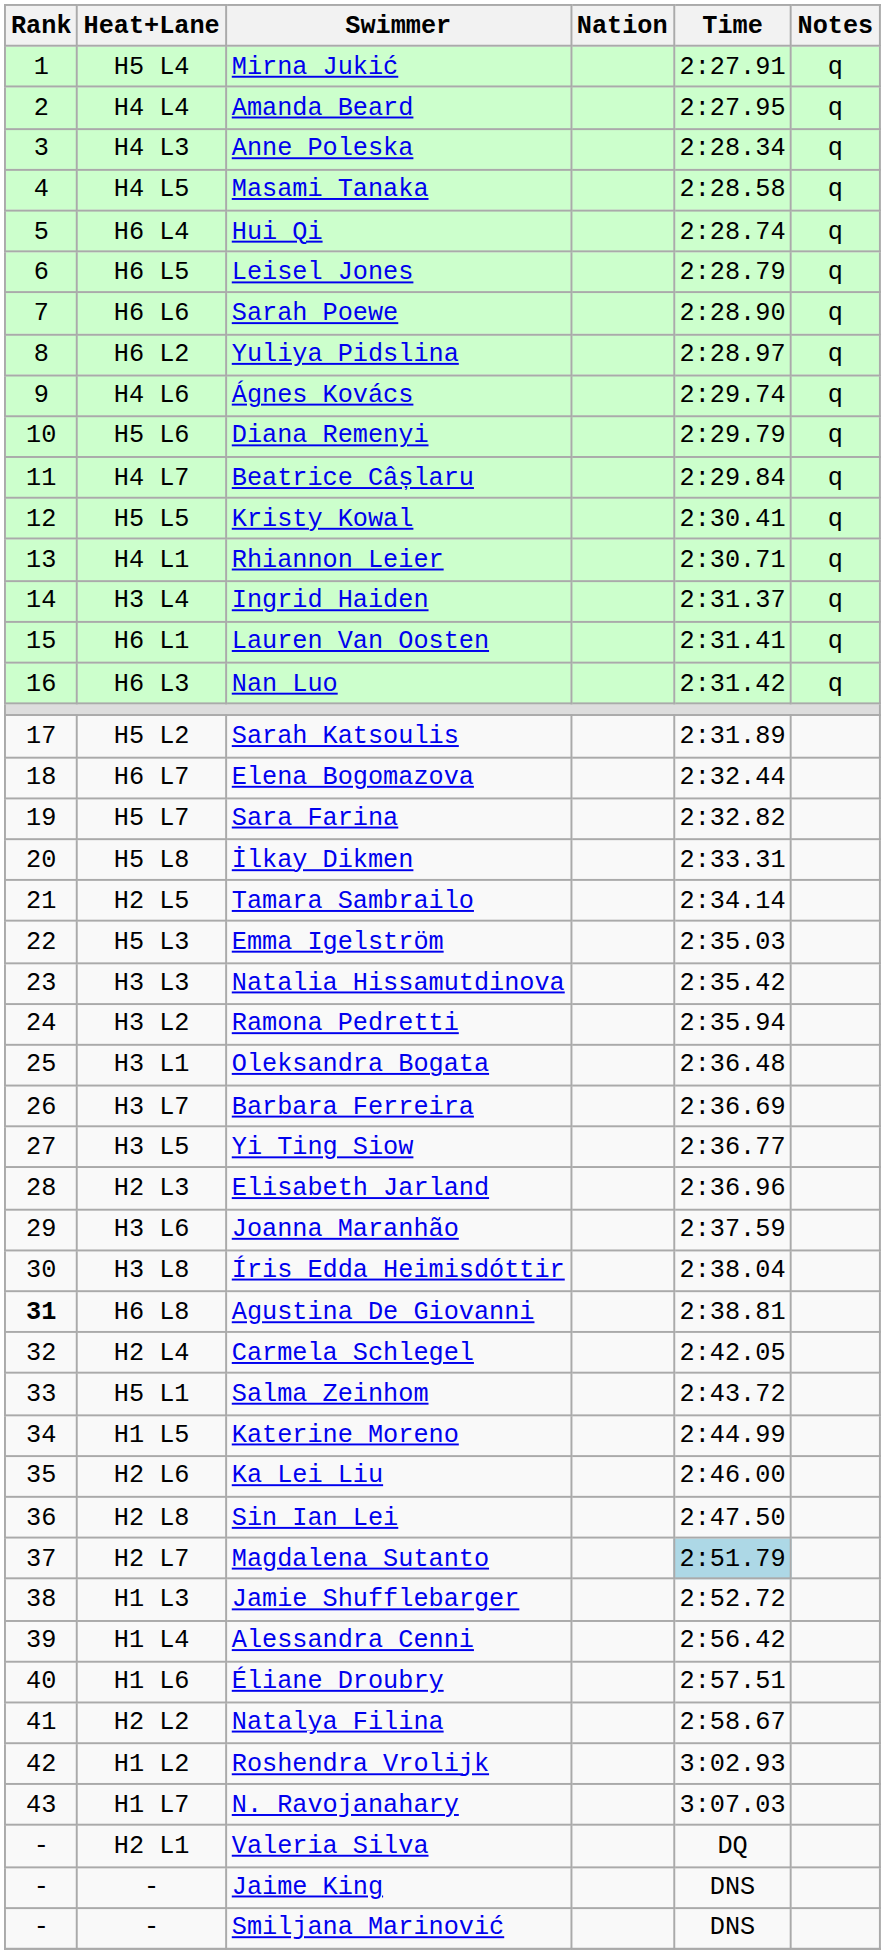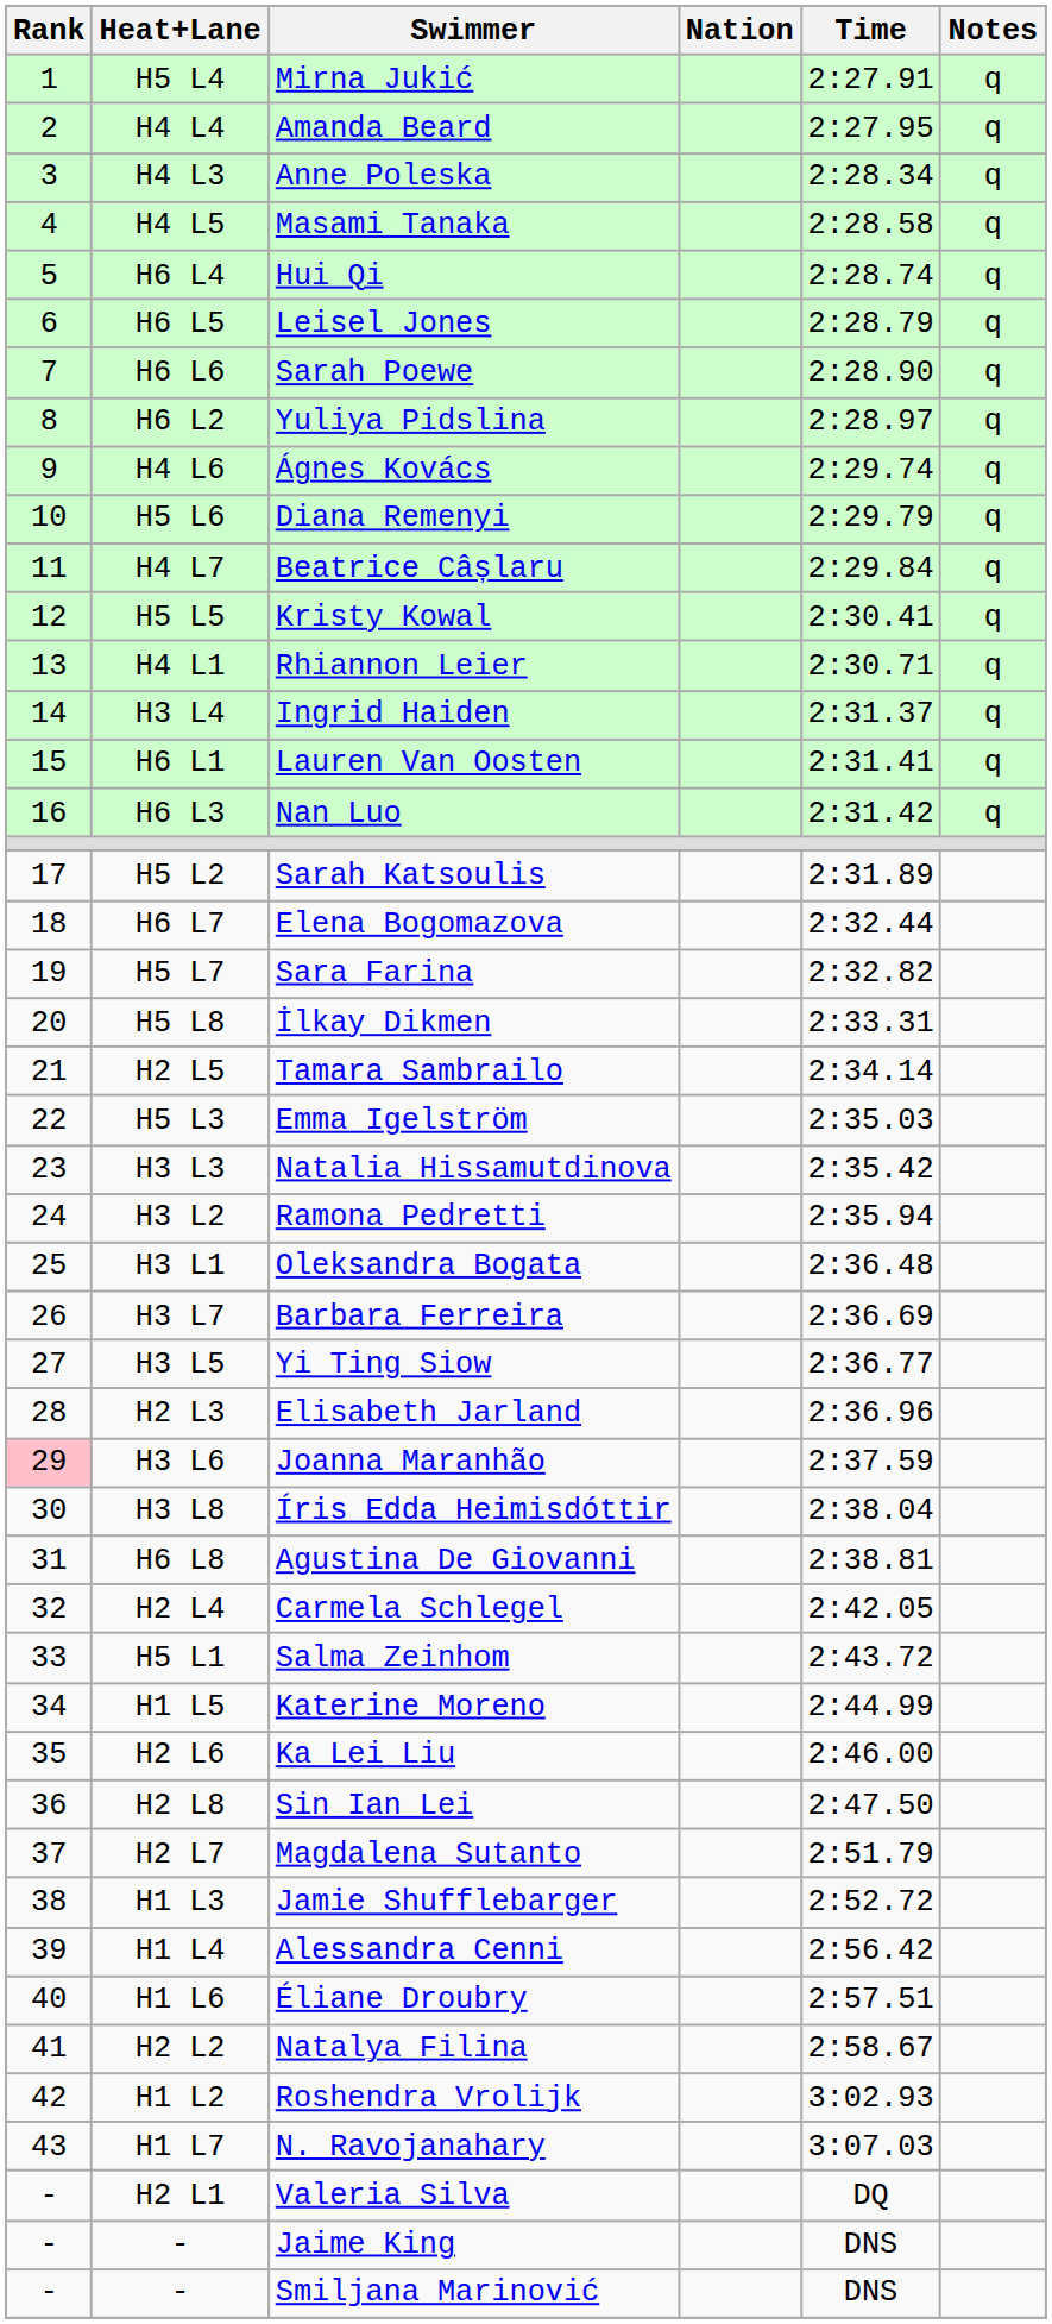 <table class="wikitable sortable" style="text-align:center">
 <tr>
 <th>Rank</th>
 <th>Heat+Lane</th>
 <th>Swimmer</th>
 <th>Nation</th>
 <th>Time</th>
 <th>Notes</th>
 </tr>
 <tr bgcolor=ccffcc>
 <td>1</td>
 <td>H5 L4</td>
 <td align=left><a href='#'>Mirna Jukić</a></td>
 <td align=left></td>
 <td>2:27.91</td>
 <td>q</td>
 </tr>
 <tr bgcolor=ccffcc>
 <td>2</td>
 <td>H4 L4</td>
 <td align=left><a href='#'>Amanda Beard</a></td>
 <td align=left></td>
 <td>2:27.95</td>
 <td>q</td>
 </tr>
 <tr bgcolor=ccffcc>
 <td>3</td>
 <td>H4 L3</td>
 <td align=left><a href='#'>Anne Poleska</a></td>
 <td align=left></td>
 <td>2:28.34</td>
 <td>q</td>
 </tr>
 <tr bgcolor=ccffcc>
 <td>4</td>
 <td>H4 L5</td>
 <td align=left><a href='#'>Masami Tanaka</a></td>
 <td align=left></td>
 <td>2:28.58</td>
 <td>q</td>
 </tr>
 <tr bgcolor=ccffcc>
 <td>5</td>
 <td>H6 L4</td>
 <td align=left><a href='#'>Hui Qi</a></td>
 <td align=left></td>
 <td>2:28.74</td>
 <td>q</td>
 </tr>
 <tr bgcolor=ccffcc>
 <td>6</td>
 <td>H6 L5</td>
 <td align=left><a href='#'>Leisel Jones</a></td>
 <td align=left></td>
 <td>2:28.79</td>
 <td>q</td>
 </tr>
 <tr bgcolor=ccffcc>
 <td>7</td>
 <td>H6 L6</td>
 <td align=left><a href='#'>Sarah Poewe</a></td>
 <td align=left></td>
 <td>2:28.90</td>
 <td>q</td>
 </tr>
 <tr bgcolor=ccffcc>
 <td>8</td>
 <td>H6 L2</td>
 <td align=left><a href='#'>Yuliya Pidslina</a></td>
 <td align=left></td>
 <td>2:28.97</td>
 <td>q</td>
 </tr>
 <tr bgcolor=ccffcc>
 <td>9</td>
 <td>H4 L6</td>
 <td align=left><a href='#'>Ágnes Kovács</a></td>
 <td align=left></td>
 <td>2:29.74</td>
 <td>q</td>
 </tr>
 <tr bgcolor=ccffcc>
 <td>10</td>
 <td>H5 L6</td>
 <td align=left><a href='#'>Diana Remenyi</a></td>
 <td align=left></td>
 <td>2:29.79</td>
 <td>q</td>
 </tr>
 <tr bgcolor=ccffcc>
 <td>11</td>
 <td>H4 L7</td>
 <td align=left><a href='#'>Beatrice Câșlaru</a></td>
 <td align=left></td>
 <td>2:29.84</td>
 <td>q</td>
 </tr>
 <tr bgcolor=ccffcc>
 <td>12</td>
 <td>H5 L5</td>
 <td align=left><a href='#'>Kristy Kowal</a></td>
 <td align=left></td>
 <td>2:30.41</td>
 <td>q</td>
 </tr>
 <tr bgcolor=ccffcc>
 <td>13</td>
 <td>H4 L1</td>
 <td align=left><a href='#'>Rhiannon Leier</a></td>
 <td align=left></td>
 <td>2:30.71</td>
 <td>q</td>
 </tr>
 <tr bgcolor=ccffcc>
 <td>14</td>
 <td>H3 L4</td>
 <td align=left><a href='#'>Ingrid Haiden</a></td>
 <td align=left></td>
 <td>2:31.37</td>
 <td>q</td>
 </tr>
 <tr bgcolor=ccffcc>
 <td>15</td>
 <td>H6 L1</td>
 <td align=left><a href='#'>Lauren Van Oosten</a></td>
 <td align=left></td>
 <td>2:31.41</td>
 <td>q</td>
 </tr>
 <tr bgcolor=ccffcc>
 <td>16</td>
 <td>H6 L3</td>
 <td align=left><a href='#'>Nan Luo</a></td>
 <td align=left></td>
 <td>2:31.42</td>
 <td>q</td>
 </tr>
 <tr bgcolor=#DDDDDD>
 <td colspan=6></td>
 </tr>
 <tr>
 <td>17</td>
 <td>H5 L2</td>
 <td align=left><a href='#'>Sarah Katsoulis</a></td>
 <td align=left></td>
 <td>2:31.89</td>
 <td></td>
 </tr>
 <tr>
 <td>18</td>
 <td>H6 L7</td>
 <td align=left><a href='#'>Elena Bogomazova</a></td>
 <td align=left></td>
 <td>2:32.44</td>
 <td></td>
 </tr>
 <tr>
 <td>19</td>
 <td>H5 L7</td>
 <td align=left><a href='#'>Sara Farina</a></td>
 <td align=left></td>
 <td>2:32.82</td>
 <td></td>
 </tr>
 <tr>
 <td>20</td>
 <td>H5 L8</td>
 <td align=left><a href='#'>İlkay Dikmen</a></td>
 <td align=left></td>
 <td>2:33.31</td>
 <td></td>
 </tr>
 <tr>
 <td>21</td>
 <td>H2 L5</td>
 <td align=left><a href='#'>Tamara Sambrailo</a></td>
 <td align=left></td>
 <td>2:34.14</td>
 <td></td>
 </tr>
 <tr>
 <td>22</td>
 <td>H5 L3</td>
 <td align=left><a href='#'>Emma Igelström</a></td>
 <td align=left></td>
 <td>2:35.03</td>
 <td></td>
 </tr>
 <tr>
 <td>23</td>
 <td>H3 L3</td>
 <td align=left><a href='#'>Natalia Hissamutdinova</a></td>
 <td align=left></td>
 <td>2:35.42</td>
 <td></td>
 </tr>
 <tr>
 <td>24</td>
 <td>H3 L2</td>
 <td align=left><a href='#'>Ramona Pedretti</a></td>
 <td align=left></td>
 <td>2:35.94</td>
 <td></td>
 </tr>
 <tr>
 <td>25</td>
 <td>H3 L1</td>
 <td align=left><a href='#'>Oleksandra Bogata</a></td>
 <td align=left></td>
 <td>2:36.48</td>
 <td></td>
 </tr>
 <tr>
 <td>26</td>
 <td>H3 L7</td>
 <td align=left><a href='#'>Barbara Ferreira</a></td>
 <td align=left></td>
 <td>2:36.69</td>
 <td></td>
 </tr>
 <tr>
 <td>27</td>
 <td>H3 L5</td>
 <td align=left><a href='#'>Yi Ting Siow</a></td>
 <td align=left></td>
 <td>2:36.77</td>
 <td></td>
 </tr>
 <tr>
 <td>28</td>
 <td>H2 L3</td>
 <td align=left><a href='#'>Elisabeth Jarland</a></td>
 <td align=left></td>
 <td>2:36.96</td>
 <td></td>
 </tr>
 <tr>
-<td>29</td>
+<td style="background: pink;">29</td>
 <td>H3 L6</td>
 <td align=left><a href='#'>Joanna Maranhão</a></td>
 <td align=left></td>
 <td>2:37.59</td>
 <td></td>
 </tr>
 <tr>
 <td>30</td>
 <td>H3 L8</td>
 <td align=left><a href='#'>Íris Edda Heimisdóttir</a></td>
 <td align=left></td>
 <td>2:38.04</td>
 <td></td>
 </tr>
 <tr>
-<td><strong>31</strong></td>
+<td>31</td>
 <td>H6 L8</td>
 <td align=left><a href='#'>Agustina De Giovanni</a></td>
 <td align=left></td>
 <td>2:38.81</td>
 <td></td>
 </tr>
 <tr>
 <td>32</td>
 <td>H2 L4</td>
 <td align=left><a href='#'>Carmela Schlegel</a></td>
 <td align=left></td>
 <td>2:42.05</td>
 <td></td>
 </tr>
 <tr>
 <td>33</td>
 <td>H5 L1</td>
 <td align=left><a href='#'>Salma Zeinhom</a></td>
 <td align=left></td>
 <td>2:43.72</td>
 <td></td>
 </tr>
 <tr>
 <td>34</td>
 <td>H1 L5</td>
 <td align=left><a href='#'>Katerine Moreno</a></td>
 <td align=left></td>
 <td>2:44.99</td>
 <td></td>
 </tr>
 <tr>
 <td>35</td>
 <td>H2 L6</td>
 <td align=left><a href='#'>Ka Lei Liu</a></td>
 <td align=left></td>
 <td>2:46.00</td>
 <td></td>
 </tr>
 <tr>
 <td>36</td>
 <td>H2 L8</td>
 <td align=left><a href='#'>Sin Ian Lei</a></td>
 <td align=left></td>
 <td>2:47.50</td>
 <td></td>
 </tr>
 <tr>
 <td>37</td>
 <td>H2 L7</td>
 <td align=left><a href='#'>Magdalena Sutanto</a></td>
 <td align=left></td>
-<td style="background: lightblue;">2:51.79</td>
+<td>2:51.79</td>
 <td></td>
 </tr>
 <tr>
 <td>38</td>
 <td>H1 L3</td>
 <td align=left><a href='#'>Jamie Shufflebarger</a></td>
 <td align=left></td>
 <td>2:52.72</td>
 <td></td>
 </tr>
 <tr>
 <td>39</td>
 <td>H1 L4</td>
 <td align=left><a href='#'>Alessandra Cenni</a></td>
 <td align=left></td>
 <td>2:56.42</td>
 <td></td>
 </tr>
 <tr>
 <td>40</td>
 <td>H1 L6</td>
 <td align=left><a href='#'>Éliane Droubry</a></td>
 <td align=left></td>
 <td>2:57.51</td>
 <td></td>
 </tr>
 <tr>
 <td>41</td>
 <td>H2 L2</td>
 <td align=left><a href='#'>Natalya Filina</a></td>
 <td align=left></td>
 <td>2:58.67</td>
 <td></td>
 </tr>
 <tr>
 <td>42</td>
 <td>H1 L2</td>
 <td align=left><a href='#'>Roshendra Vrolijk</a></td>
 <td align=left></td>
 <td>3:02.93</td>
 <td></td>
 </tr>
 <tr>
 <td>43</td>
 <td>H1 L7</td>
 <td align=left><a href='#'>N. Ravojanahary</a></td>
 <td align=left></td>
 <td>3:07.03</td>
 <td></td>
 </tr>
 <tr>
 <td>-</td>
 <td>H2 L1</td>
 <td align=left><a href='#'>Valeria Silva</a></td>
 <td align=left></td>
 <td>DQ</td>
 <td></td>
 </tr>
 <tr>
 <td>-</td>
 <td>-</td>
 <td align=left><a href='#'>Jaime King</a></td>
 <td align=left></td>
 <td>DNS</td>
 <td></td>
 </tr>
 <tr>
 <td>-</td>
 <td>-</td>
 <td align=left><a href='#'>Smiljana Marinović</a></td>
 <td align=left></td>
 <td>DNS</td>
 <td></td>
 </tr>
 <tr>
 </tr>
 </table>
